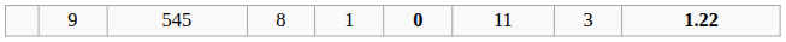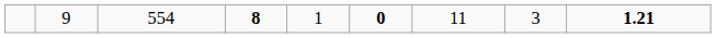 <table class="wikitable sortable" width ="50%">
 <tr align="center">
 </tr>
 <tr align="center" bgcolor="">
 <td></td>
 <td>9</td>
-<td>545</td>
-<td>8</td>
+<td>554</td>
+<td><strong>8</strong></td>
 <td>1</td>
 <td><strong>0</strong></td>
 <td>11</td>
 <td>3</td>
-<td><strong>1.22</strong></td>
+<td><strong>1.21</strong></td>
 </tr>
 </table>
